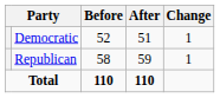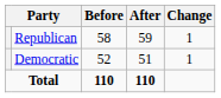 <table class="wikitable" style="text-align:center;">
 <tr>
 <th colspan="2">Party</th>
 <th>Before</th>
 <th>After</th>
 <th>Change</th>
 </tr>
 <tr>
 <th style="background-color:"></th>
-<td style="text-align:left;"><a href='#'>Democratic</a></td>
-<td>52</td>
-<td>51</td>
+<td style="text-align:left;"><a href='#'>Republican</a></td>
+<td>58</td>
+<td>59</td>
 <td> 1</td>
 </tr>
 <tr>
 <th style="background-color:"></th>
-<td style="text-align:left;"><a href='#'>Republican</a></td>
-<td>58</td>
-<td>59</td>
+<td style="text-align:left;"><a href='#'>Democratic</a></td>
+<td>52</td>
+<td>51</td>
 <td> 1</td>
 </tr>
 <tr>
 <td colspan="2"><strong>Total</strong></td>
 <td><strong>110</strong></td>
 <td><strong>110</strong></td>
 <td></td>
 </tr>
 </table>
